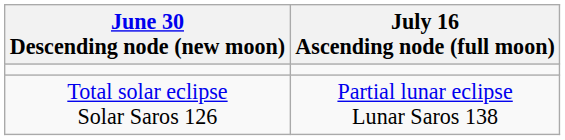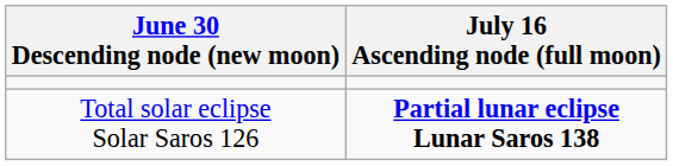 <table class="wikitable">
 <tr>
 <th><a href='#'>June 30</a><br>Descending node (new moon)<br></th>
 <th>July 16<br>Ascending node (full moon)</th>
 </tr>
 <tr>
 <td></td>
 <td></td>
 </tr>
 <tr align=center>
 <td><a href='#'>Total solar eclipse</a><br>Solar Saros 126</td>
-<td><a href='#'>Partial lunar eclipse</a><br>Lunar Saros 138</td>
+<td><strong><a href='#'>Partial lunar eclipse</a><br>Lunar Saros 138</strong></td>
 </tr>
 </table>
